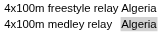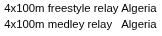 <table>
 <tr>
 <td>4x100m freestyle relay</td>
 <td> Algeria</td>
 <td></td>
 <td></td>
 <td></td>
 <td></td>
 <td></td>
 </tr>
 <tr>
 <td>4x100m medley relay</td>
-<td style="background: lightgrey;"> Algeria</td>
+<td> Algeria</td>
 <td></td>
 <td></td>
 <td></td>
 <td></td>
 <td></td>
 </tr>
 <tr>
 </tr>
 </table>
